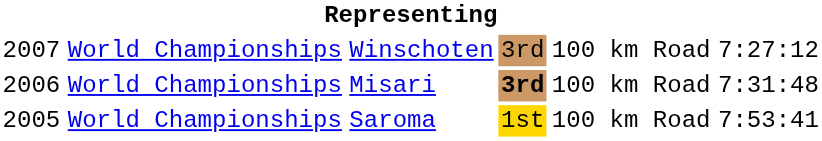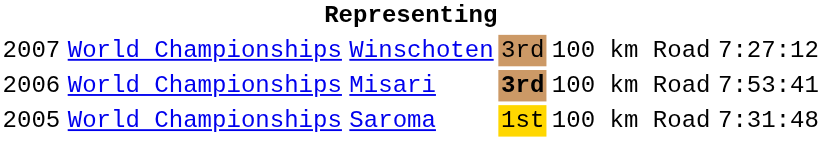 <table>
 <tr>
 <th colspan="6">Representing </th>
 </tr>
 <tr>
 <td>2007</td>
 <td><a href='#'>World Championships</a></td>
 <td> <a href='#'>Winschoten</a></td>
 <td bgcolor="#cc9966">3rd</td>
 <td>100 km Road</td>
 <td>7:27:12</td>
 </tr>
 <tr>
 <td>2006</td>
 <td><a href='#'>World Championships</a></td>
 <td> <a href='#'>Misari</a></td>
 <td bgcolor="#cc9966"><strong>3rd</strong></td>
 <td>100 km Road</td>
-<td>7:31:48</td>
+<td>7:53:41</td>
 </tr>
 <tr>
 <td>2005</td>
 <td><a href='#'>World Championships</a></td>
 <td> <a href='#'>Saroma</a></td>
 <td bgcolor="gold">1st</td>
 <td>100 km Road</td>
-<td>7:53:41</td>
+<td>7:31:48</td>
 </tr>
 </table>
